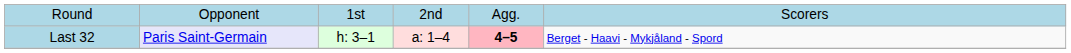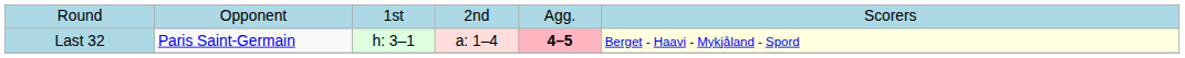 <table class="wikitable" style="text-align:center">
 <tr bgcolor=lightblue>
 <td width=150px>Round</td>
 <td width=200px>Opponent</td>
 <td width=80px>1st</td>
 <td width=80px>2nd</td>
 <td width=80px>Agg.</td>
 <td width=600px>Scorers</td>
 </tr>
 <tr>
 <td bgcolor=lightblue>Last 32</td>
-<td align=left style="background: lavender;"> <a href='#'>Paris Saint-Germain</a></td>
+<td align=left> <a href='#'>Paris Saint-Germain</a></td>
 <td bgcolor="#ddffdd">h: 3–1</td>
 <td bgcolor="#ffdddd">a: 1–4</td>
 <td bgcolor=lightpink><strong>4–5</strong></td>
-<td align=left><small><a href='#'>Berget</a> - <a href='#'>Haavi</a> - <a href='#'>Mykjåland</a> - <a href='#'>Spord</a></small></td>
+<td align=left style="background: lightyellow;"><small><a href='#'>Berget</a> - <a href='#'>Haavi</a> - <a href='#'>Mykjåland</a> - <a href='#'>Spord</a></small></td>
 </tr>
 <tr>
 </tr>
 </table>
